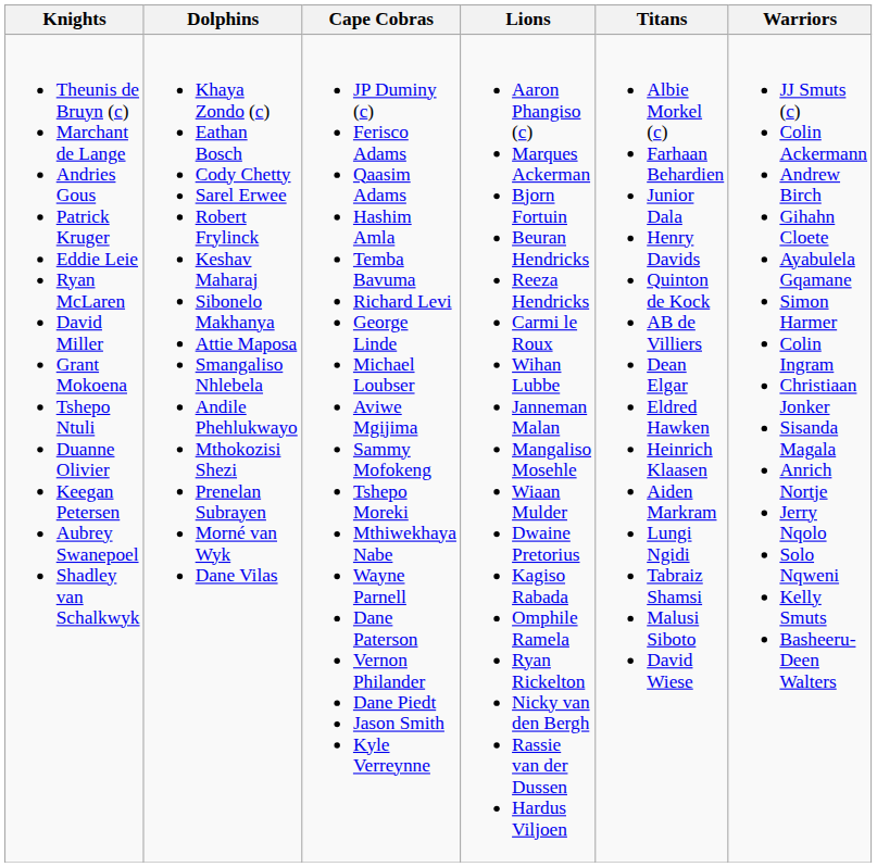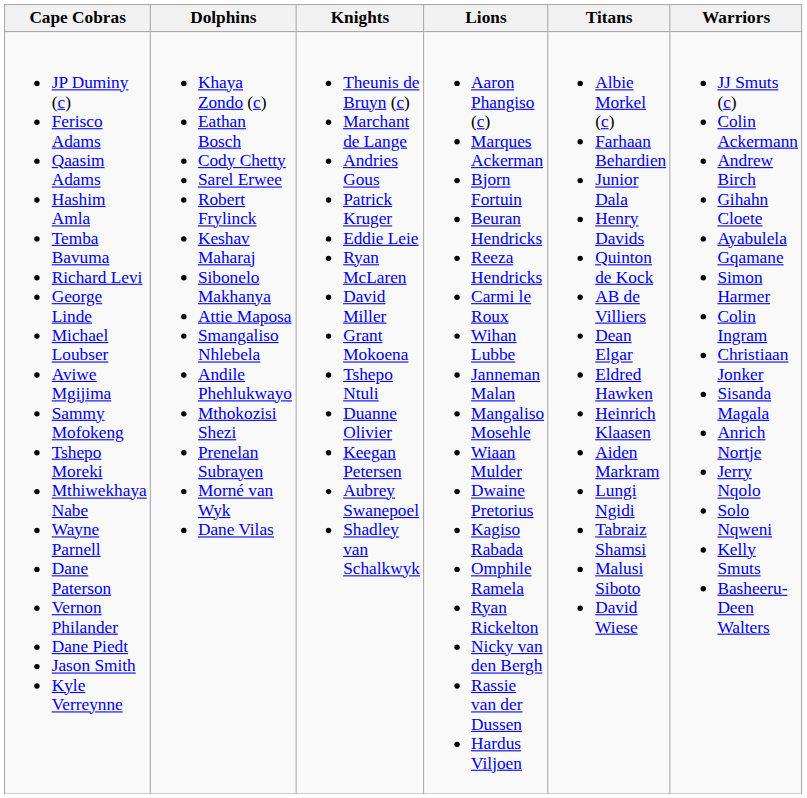 <table class="wikitable" style="text-align:left; margin:auto">
 <tr>
+<th style="width=20%;">Cape Cobras</th>
+<th style="width=20%;">Dolphins</th>
 <th style="width=20%;">Knights</th>
-<th style="width=20%;">Dolphins</th>
-<th style="width=20%;">Cape Cobras</th>
 <th style="width=20%;">Lions</th>
 <th style="width=20%;">Titans</th>
 <th style="width=20%;">Warriors</th>
 </tr>
 <tr style="vertical-align:top">
+<td><br><ul><li><a href='#'>JP Duminy</a> (<a href='#'>c</a>)</li><li><a href='#'>Ferisco Adams</a></li><li><a href='#'>Qaasim Adams</a></li><li><a href='#'>Hashim Amla</a></li><li><a href='#'>Temba Bavuma</a></li><li><a href='#'>Richard Levi</a></li><li><a href='#'>George Linde</a></li><li><a href='#'>Michael Loubser</a></li><li><a href='#'>Aviwe Mgijima</a></li><li><a href='#'>Sammy Mofokeng</a></li><li><a href='#'>Tshepo Moreki</a></li><li><a href='#'>Mthiwekhaya Nabe</a></li><li><a href='#'>Wayne Parnell</a></li><li><a href='#'>Dane Paterson</a></li><li><a href='#'>Vernon Philander</a></li><li><a href='#'>Dane Piedt</a></li><li><a href='#'>Jason Smith</a></li><li><a href='#'>Kyle Verreynne</a></li></ul></td>
+<td><br><ul><li><a href='#'>Khaya Zondo</a> (<a href='#'>c</a>)</li><li><a href='#'>Eathan Bosch</a></li><li><a href='#'>Cody Chetty</a></li><li><a href='#'>Sarel Erwee</a></li><li><a href='#'>Robert Frylinck</a></li><li><a href='#'>Keshav Maharaj</a></li><li><a href='#'>Sibonelo Makhanya</a></li><li><a href='#'>Attie Maposa</a></li><li><a href='#'>Smangaliso Nhlebela</a></li><li><a href='#'>Andile Phehlukwayo</a></li><li><a href='#'>Mthokozisi Shezi</a></li><li><a href='#'>Prenelan Subrayen</a></li><li><a href='#'>Morné van Wyk</a></li><li><a href='#'>Dane Vilas</a></li></ul></td>
 <td><br><ul><li><a href='#'>Theunis de Bruyn</a> (<a href='#'>c</a>)</li><li><a href='#'>Marchant de Lange</a></li><li><a href='#'>Andries Gous</a></li><li><a href='#'>Patrick Kruger</a></li><li><a href='#'>Eddie Leie</a></li><li><a href='#'>Ryan McLaren</a></li><li><a href='#'>David Miller</a></li><li><a href='#'>Grant Mokoena</a></li><li><a href='#'>Tshepo Ntuli</a></li><li><a href='#'>Duanne Olivier</a></li><li><a href='#'>Keegan Petersen</a></li><li><a href='#'>Aubrey Swanepoel</a></li><li><a href='#'>Shadley van Schalkwyk</a></li></ul></td>
-<td><br><ul><li><a href='#'>Khaya Zondo</a> (<a href='#'>c</a>)</li><li><a href='#'>Eathan Bosch</a></li><li><a href='#'>Cody Chetty</a></li><li><a href='#'>Sarel Erwee</a></li><li><a href='#'>Robert Frylinck</a></li><li><a href='#'>Keshav Maharaj</a></li><li><a href='#'>Sibonelo Makhanya</a></li><li><a href='#'>Attie Maposa</a></li><li><a href='#'>Smangaliso Nhlebela</a></li><li><a href='#'>Andile Phehlukwayo</a></li><li><a href='#'>Mthokozisi Shezi</a></li><li><a href='#'>Prenelan Subrayen</a></li><li><a href='#'>Morné van Wyk</a></li><li><a href='#'>Dane Vilas</a></li></ul></td>
-<td><br><ul><li><a href='#'>JP Duminy</a> (<a href='#'>c</a>)</li><li><a href='#'>Ferisco Adams</a></li><li><a href='#'>Qaasim Adams</a></li><li><a href='#'>Hashim Amla</a></li><li><a href='#'>Temba Bavuma</a></li><li><a href='#'>Richard Levi</a></li><li><a href='#'>George Linde</a></li><li><a href='#'>Michael Loubser</a></li><li><a href='#'>Aviwe Mgijima</a></li><li><a href='#'>Sammy Mofokeng</a></li><li><a href='#'>Tshepo Moreki</a></li><li><a href='#'>Mthiwekhaya Nabe</a></li><li><a href='#'>Wayne Parnell</a></li><li><a href='#'>Dane Paterson</a></li><li><a href='#'>Vernon Philander</a></li><li><a href='#'>Dane Piedt</a></li><li><a href='#'>Jason Smith</a></li><li><a href='#'>Kyle Verreynne</a></li></ul></td>
 <td><br><ul><li><a href='#'>Aaron Phangiso</a> (<a href='#'>c</a>)</li><li><a href='#'>Marques Ackerman</a></li><li><a href='#'>Bjorn Fortuin</a></li><li><a href='#'>Beuran Hendricks</a></li><li><a href='#'>Reeza Hendricks</a></li><li><a href='#'>Carmi le Roux</a></li><li><a href='#'>Wihan Lubbe</a></li><li><a href='#'>Janneman Malan</a></li><li><a href='#'>Mangaliso Mosehle</a></li><li><a href='#'>Wiaan Mulder</a></li><li><a href='#'>Dwaine Pretorius</a></li><li><a href='#'>Kagiso Rabada</a></li><li><a href='#'>Omphile Ramela</a></li><li><a href='#'>Ryan Rickelton</a></li><li><a href='#'>Nicky van den Bergh</a></li><li><a href='#'>Rassie van der Dussen</a></li><li><a href='#'>Hardus Viljoen</a></li></ul></td>
 <td><br><ul><li><a href='#'>Albie Morkel</a> (<a href='#'>c</a>)</li><li><a href='#'>Farhaan Behardien</a></li><li><a href='#'>Junior Dala</a></li><li><a href='#'>Henry Davids</a></li><li><a href='#'>Quinton de Kock</a></li><li><a href='#'>AB de Villiers</a></li><li><a href='#'>Dean Elgar</a></li><li><a href='#'>Eldred Hawken</a></li><li><a href='#'>Heinrich Klaasen</a></li><li><a href='#'>Aiden Markram</a></li><li><a href='#'>Lungi Ngidi</a></li><li><a href='#'>Tabraiz Shamsi</a></li><li><a href='#'>Malusi Siboto</a></li><li><a href='#'>David Wiese</a></li></ul></td>
 <td><br><ul><li><a href='#'>JJ Smuts</a> (<a href='#'>c</a>)</li><li><a href='#'>Colin Ackermann</a></li><li><a href='#'>Andrew Birch</a></li><li><a href='#'>Gihahn Cloete</a></li><li><a href='#'>Ayabulela Gqamane</a></li><li><a href='#'>Simon Harmer</a></li><li><a href='#'>Colin Ingram</a></li><li><a href='#'>Christiaan Jonker</a></li><li><a href='#'>Sisanda Magala</a></li><li><a href='#'>Anrich Nortje</a></li><li><a href='#'>Jerry Nqolo</a></li><li><a href='#'>Solo Nqweni</a></li><li><a href='#'>Kelly Smuts</a></li><li><a href='#'>Basheeru-Deen Walters</a></li></ul></td>
 </tr>
 </table>
